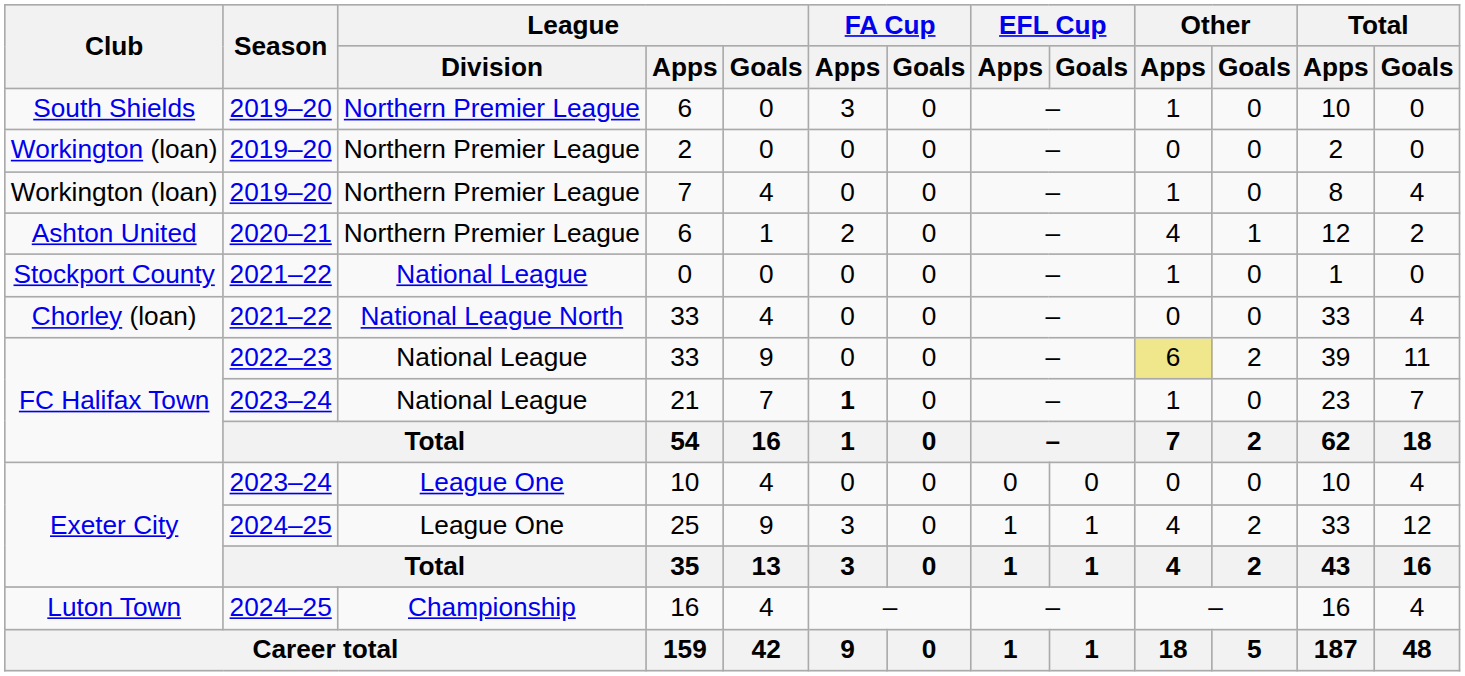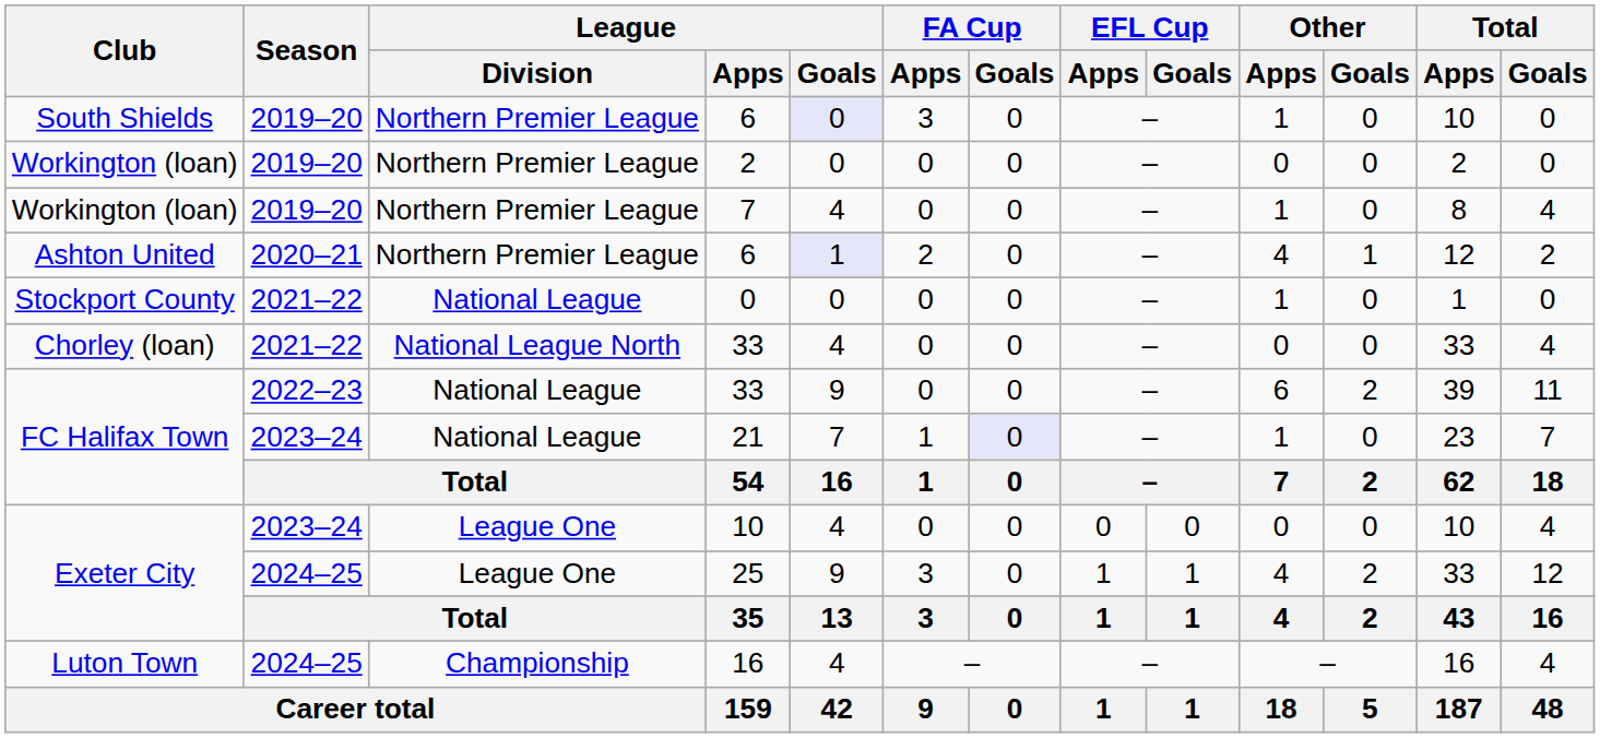 <table class=wikitable style="text-align: center">
 <tr>
 <th rowspan="2">Club</th>
 <th rowspan="2">Season</th>
 <th colspan="3">League</th>
 <th colspan="2"><a href='#'>FA Cup</a></th>
 <th colspan="2"><a href='#'>EFL Cup</a></th>
 <th colspan="2">Other</th>
 <th colspan="2">Total</th>
 </tr>
 <tr>
 <th>Division</th>
 <th>Apps</th>
 <th>Goals</th>
 <th>Apps</th>
 <th>Goals</th>
 <th>Apps</th>
 <th>Goals</th>
 <th>Apps</th>
 <th>Goals</th>
 <th>Apps</th>
 <th>Goals</th>
 </tr>
 <tr>
 <td><a href='#'>South Shields</a></td>
 <td><a href='#'>2019–20</a></td>
 <td><a href='#'>Northern Premier League</a></td>
 <td>6</td>
-<td>0</td>
+<td style="background: lavender;">0</td>
 <td>3</td>
 <td>0</td>
 <td colspan="2">–</td>
 <td>1</td>
 <td>0</td>
 <td>10</td>
 <td>0</td>
 </tr>
 <tr>
 <td><a href='#'>Workington</a> (loan)</td>
 <td><a href='#'>2019–20</a></td>
 <td>Northern Premier League</td>
 <td>2</td>
 <td>0</td>
 <td>0</td>
 <td>0</td>
 <td colspan="2">–</td>
 <td>0</td>
 <td>0</td>
 <td>2</td>
 <td>0</td>
 </tr>
 <tr>
 <td>Workington (loan)</td>
 <td><a href='#'>2019–20</a></td>
 <td>Northern Premier League</td>
 <td>7</td>
 <td>4</td>
 <td>0</td>
 <td>0</td>
 <td colspan="2">–</td>
 <td>1</td>
 <td>0</td>
 <td>8</td>
 <td>4</td>
 </tr>
 <tr>
 <td><a href='#'>Ashton United</a></td>
 <td><a href='#'>2020–21</a></td>
 <td>Northern Premier League</td>
 <td>6</td>
-<td>1</td>
+<td style="background: lavender;">1</td>
 <td>2</td>
 <td>0</td>
 <td colspan="2">–</td>
 <td>4</td>
 <td>1</td>
 <td>12</td>
 <td>2</td>
 </tr>
 <tr>
 <td><a href='#'>Stockport County</a></td>
 <td><a href='#'>2021–22</a></td>
 <td><a href='#'>National League</a></td>
 <td>0</td>
 <td>0</td>
 <td>0</td>
 <td>0</td>
 <td colspan="2">–</td>
 <td>1</td>
 <td>0</td>
 <td>1</td>
 <td>0</td>
 </tr>
 <tr>
 <td><a href='#'>Chorley</a> (loan)</td>
 <td><a href='#'>2021–22</a></td>
 <td><a href='#'>National League North</a></td>
 <td>33</td>
 <td>4</td>
 <td>0</td>
 <td>0</td>
 <td colspan="2">–</td>
 <td>0</td>
 <td>0</td>
 <td>33</td>
 <td>4</td>
 </tr>
 <tr>
 <td rowspan=3><a href='#'>FC Halifax Town</a></td>
 <td><a href='#'>2022–23</a></td>
 <td>National League</td>
 <td>33</td>
 <td>9</td>
 <td>0</td>
 <td>0</td>
 <td colspan="2">–</td>
-<td style="background: khaki;">6</td>
+<td>6</td>
 <td>2</td>
 <td>39</td>
 <td>11</td>
 </tr>
 <tr>
 <td><a href='#'>2023–24</a></td>
 <td>National League</td>
 <td>21</td>
 <td>7</td>
-<td><strong>1</strong></td>
-<td>0</td>
+<td>1</td>
+<td style="background: lavender;">0</td>
 <td colspan="2">–</td>
 <td>1</td>
 <td>0</td>
 <td>23</td>
 <td>7</td>
 </tr>
 <tr>
 <th colspan="2">Total</th>
 <th>54</th>
 <th>16</th>
 <th>1</th>
 <th>0</th>
 <th colspan="2">–</th>
 <th>7</th>
 <th>2</th>
 <th>62</th>
 <th>18</th>
 </tr>
 <tr>
 <td rowspan="3"><a href='#'>Exeter City</a></td>
 <td><a href='#'>2023–24</a></td>
 <td><a href='#'>League One</a></td>
 <td>10</td>
 <td>4</td>
 <td>0</td>
 <td>0</td>
 <td>0</td>
 <td>0</td>
 <td>0</td>
 <td>0</td>
 <td>10</td>
 <td>4</td>
 </tr>
 <tr>
 <td><a href='#'>2024–25</a></td>
 <td>League One</td>
 <td>25</td>
 <td>9</td>
 <td>3</td>
 <td>0</td>
 <td>1</td>
 <td>1</td>
 <td>4</td>
 <td>2</td>
 <td>33</td>
 <td>12</td>
 </tr>
 <tr>
 <th colspan="2">Total</th>
 <th>35</th>
 <th>13</th>
 <th>3</th>
 <th>0</th>
 <th>1</th>
 <th>1</th>
 <th>4</th>
 <th>2</th>
 <th>43</th>
 <th>16</th>
 </tr>
 <tr>
 <td><a href='#'>Luton Town</a></td>
 <td><a href='#'>2024–25</a></td>
 <td><a href='#'>Championship</a></td>
 <td>16</td>
 <td>4</td>
 <td colspan="2">–</td>
 <td colspan="2">–</td>
 <td colspan="2">–</td>
 <td>16</td>
 <td>4</td>
 </tr>
 <tr>
 <th colspan="3">Career total</th>
 <th>159</th>
 <th>42</th>
 <th>9</th>
 <th>0</th>
 <th>1</th>
 <th>1</th>
 <th>18</th>
 <th>5</th>
 <th>187</th>
 <th>48</th>
 </tr>
 </table>
